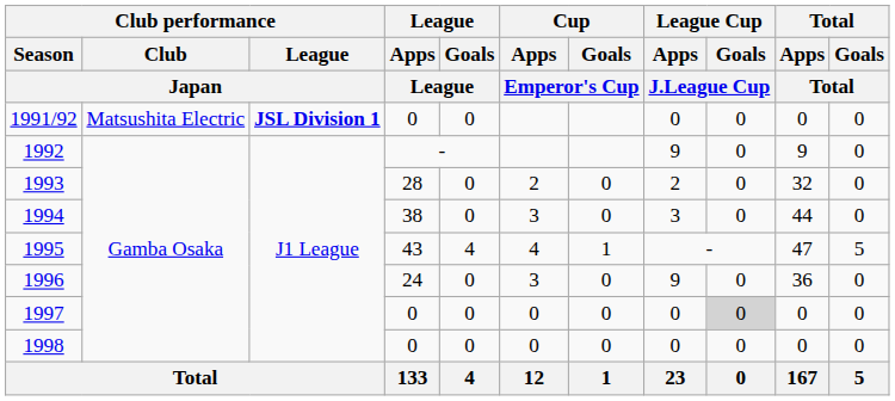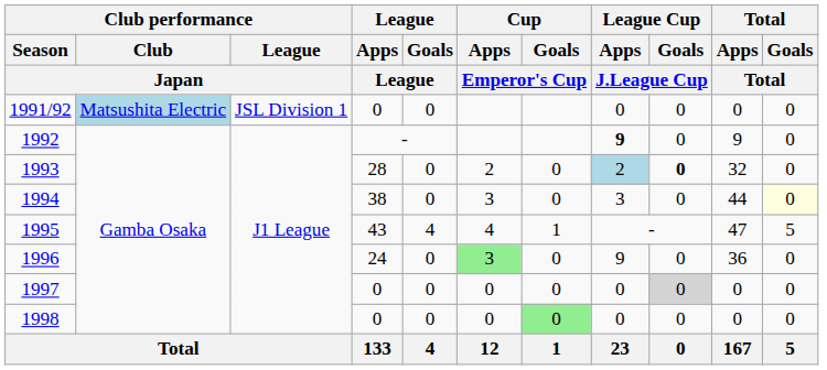 <table class="wikitable" style="text-align:center;">
 <tr>
 <th colspan=3>Club performance</th>
 <th colspan=2>League</th>
 <th colspan=2>Cup</th>
 <th colspan=2>League Cup</th>
 <th colspan=2>Total</th>
 </tr>
 <tr>
 <th>Season</th>
 <th>Club</th>
 <th>League</th>
 <th>Apps</th>
 <th>Goals</th>
 <th>Apps</th>
 <th>Goals</th>
 <th>Apps</th>
 <th>Goals</th>
 <th>Apps</th>
 <th>Goals</th>
 </tr>
 <tr>
 <th colspan=3>Japan</th>
 <th colspan=2>League</th>
 <th colspan=2><a href='#'>Emperor's Cup</a></th>
 <th colspan=2><a href='#'>J.League Cup</a></th>
 <th colspan=2>Total</th>
 </tr>
 <tr>
 <td><a href='#'>1991/92</a></td>
-<td><a href='#'>Matsushita Electric</a></td>
-<td><strong><a href='#'>JSL Division 1</a></strong></td>
+<td style="background: lightblue;"><a href='#'>Matsushita Electric</a></td>
+<td><a href='#'>JSL Division 1</a></td>
 <td>0</td>
 <td>0</td>
 <td></td>
 <td></td>
 <td>0</td>
 <td>0</td>
 <td>0</td>
 <td>0</td>
 </tr>
 <tr>
 <td><a href='#'>1992</a></td>
 <td rowspan="7"><a href='#'>Gamba Osaka</a></td>
 <td rowspan="7"><a href='#'>J1 League</a></td>
 <td colspan="2">-</td>
 <td></td>
 <td></td>
-<td>9</td>
+<td><strong>9</strong></td>
 <td>0</td>
 <td>9</td>
 <td>0</td>
 </tr>
 <tr>
 <td><a href='#'>1993</a></td>
 <td>28</td>
 <td>0</td>
 <td>2</td>
 <td>0</td>
-<td>2</td>
-<td>0</td>
+<td style="background: lightblue;">2</td>
+<td><strong>0</strong></td>
 <td>32</td>
 <td>0</td>
 </tr>
 <tr>
 <td><a href='#'>1994</a></td>
 <td>38</td>
 <td>0</td>
 <td>3</td>
 <td>0</td>
 <td>3</td>
 <td>0</td>
 <td>44</td>
-<td>0</td>
+<td style="background: lightyellow;">0</td>
 </tr>
 <tr>
 <td><a href='#'>1995</a></td>
 <td>43</td>
 <td>4</td>
 <td>4</td>
 <td>1</td>
 <td colspan="2">-</td>
 <td>47</td>
 <td>5</td>
 </tr>
 <tr>
 <td><a href='#'>1996</a></td>
 <td>24</td>
 <td>0</td>
-<td>3</td>
+<td style="background: lightgreen;">3</td>
 <td>0</td>
 <td>9</td>
 <td>0</td>
 <td>36</td>
 <td>0</td>
 </tr>
 <tr>
 <td><a href='#'>1997</a></td>
 <td>0</td>
 <td>0</td>
 <td>0</td>
 <td>0</td>
 <td>0</td>
 <td style="background: lightgrey;">0</td>
 <td>0</td>
 <td>0</td>
 </tr>
 <tr>
 <td><a href='#'>1998</a></td>
 <td>0</td>
 <td>0</td>
 <td>0</td>
-<td>0</td>
+<td style="background: lightgreen;">0</td>
 <td>0</td>
 <td>0</td>
 <td>0</td>
 <td>0</td>
 </tr>
 <tr>
 <th colspan=3>Total</th>
 <th>133</th>
 <th>4</th>
 <th>12</th>
 <th>1</th>
 <th>23</th>
 <th>0</th>
 <th>167</th>
 <th>5</th>
 </tr>
 </table>
